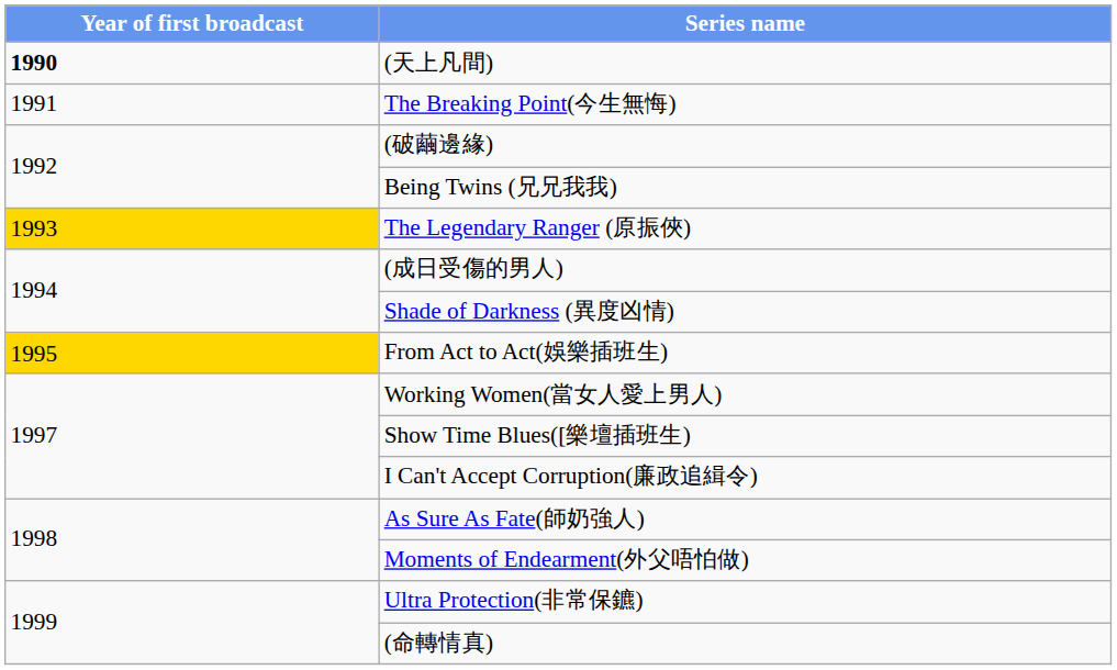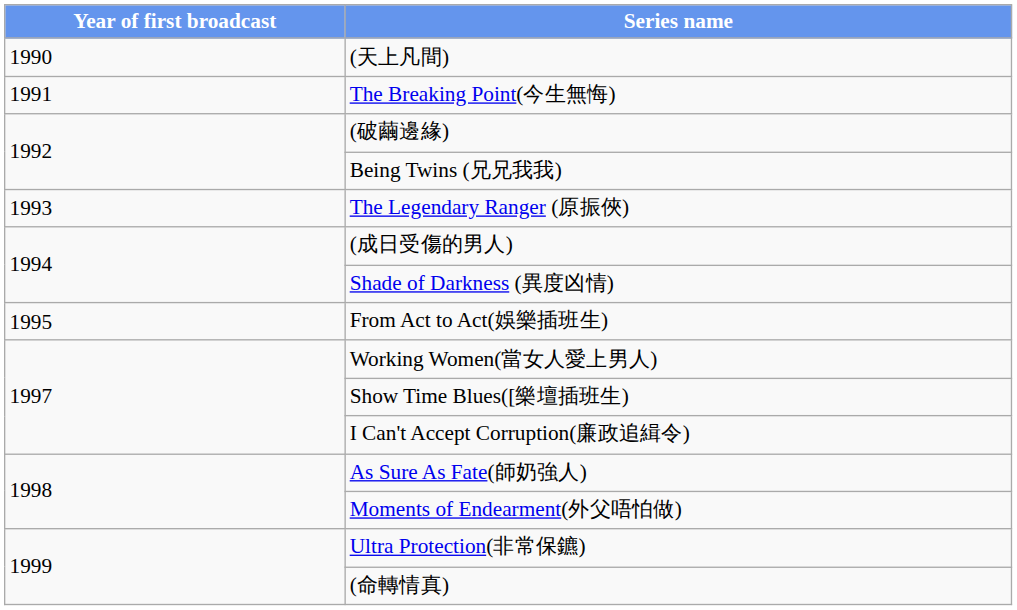 <table class="wikitable" width="60%">
 <tr style="background:cornflowerblue; color:white" align=center>
 <td style="width:7%"><strong>Year of first broadcast</strong></td>
 <td style="width:15%"><strong>Series name</strong></td>
 </tr>
 <tr>
-<td><strong>1990</strong></td>
+<td>1990</td>
 <td>(天上凡間)</td>
 </tr>
 <tr>
 <td>1991</td>
 <td><a href='#'>The Breaking Point</a>(今生無悔)</td>
 </tr>
 <tr>
 <td rowspan="2">1992</td>
 <td>(破繭邊緣)</td>
 </tr>
 <tr>
 <td>Being Twins (兄兄我我)</td>
 </tr>
 <tr>
-<td style="background: gold;">1993</td>
+<td>1993</td>
 <td><a href='#'>The Legendary Ranger</a> (原振俠)</td>
 </tr>
 <tr>
 <td rowspan="2">1994</td>
 <td>(成日受傷的男人)</td>
 </tr>
 <tr>
 <td><a href='#'>Shade of Darkness</a> (異度凶情)</td>
 </tr>
 <tr>
-<td style="background: gold;">1995</td>
+<td>1995</td>
 <td>From Act to Act(娛樂插班生)</td>
 </tr>
 <tr>
 <td rowspan="3">1997</td>
 <td>Working Women(當女人愛上男人)</td>
 </tr>
 <tr>
 <td>Show Time Blues([樂壇插班生)</td>
 </tr>
 <tr>
 <td>I Can't Accept Corruption(廉政追緝令)</td>
 </tr>
 <tr>
 <td rowspan="2">1998</td>
 <td><a href='#'>As Sure As Fate</a>(師奶強人)</td>
 </tr>
 <tr>
 <td><a href='#'>Moments of Endearment</a>(外父唔怕做)</td>
 </tr>
 <tr>
 <td rowspan="2">1999</td>
 <td><a href='#'>Ultra Protection</a>(非常保鑣)</td>
 </tr>
 <tr>
 <td>(命轉情真)</td>
 </tr>
 </table>
